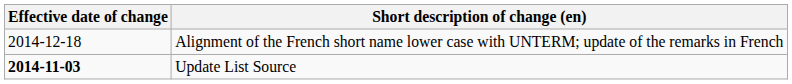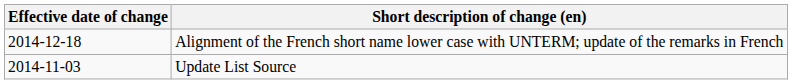 <table class="wikitable">
 <tr>
 <th>Effective date of change</th>
 <th>Short description of change (en)</th>
 </tr>
 <tr>
 <td>2014-12-18</td>
 <td>Alignment of the French short name lower case with UNTERM; update of the remarks in French</td>
 </tr>
 <tr>
-<td><strong>2014-11-03</strong></td>
+<td>2014-11-03</td>
 <td>Update List Source</td>
 </tr>
 </table>
